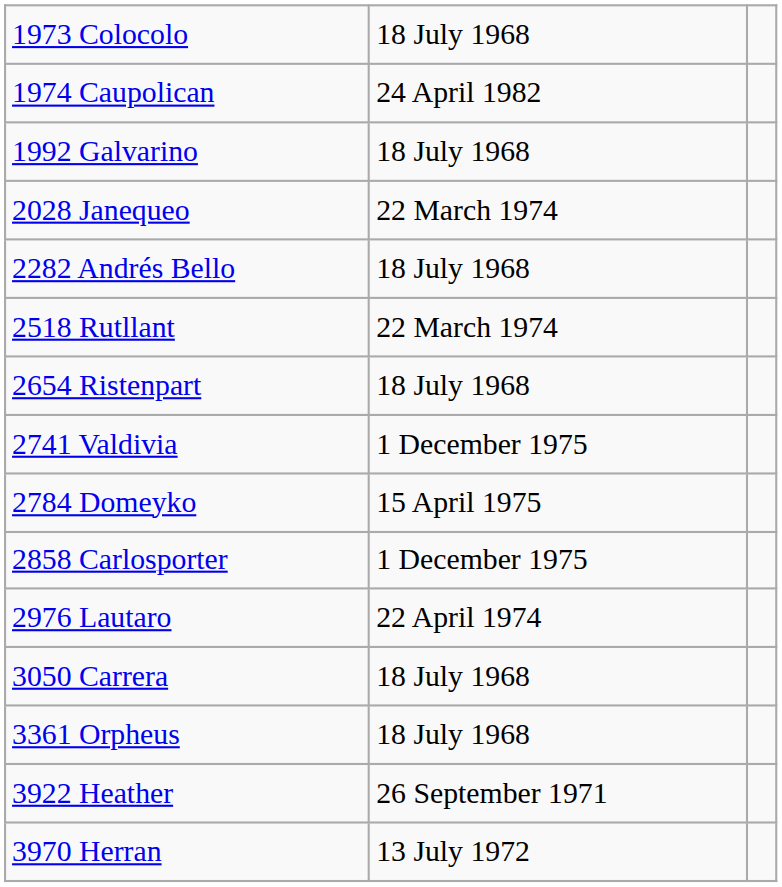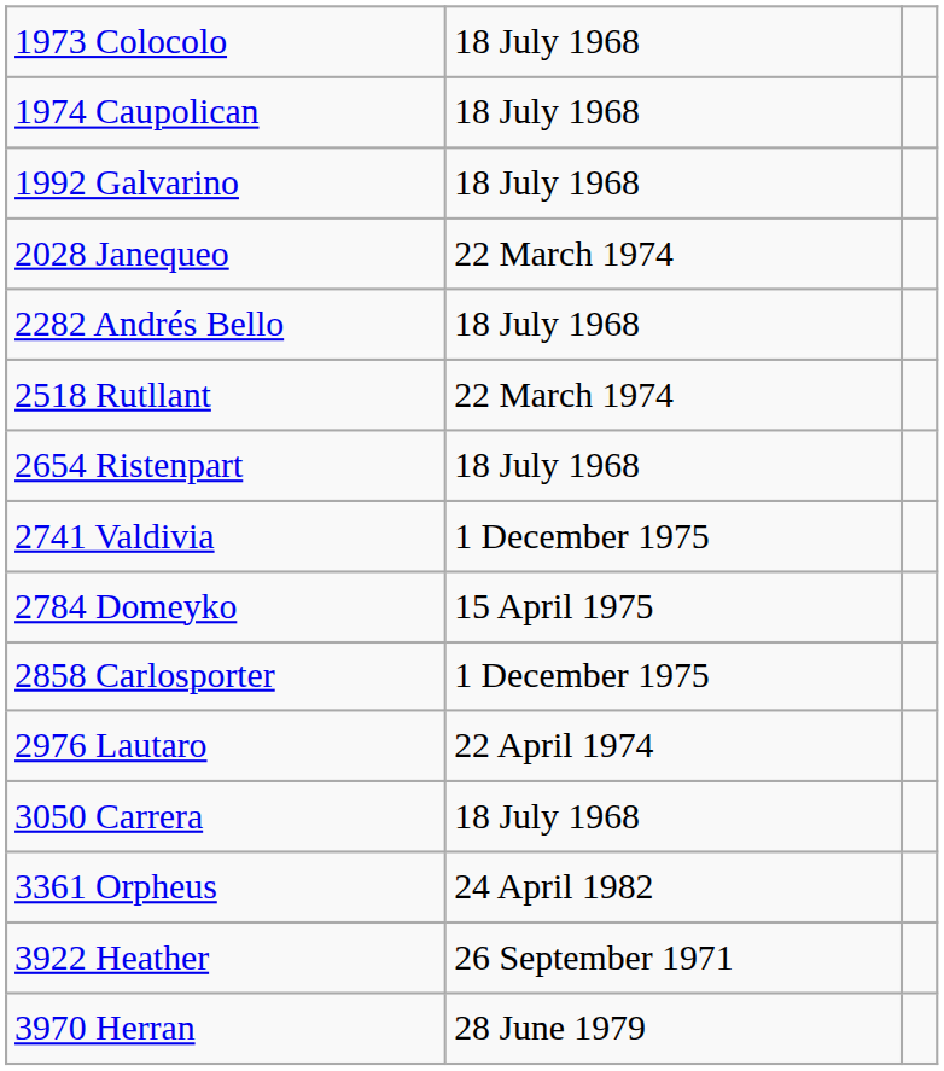 <table class="wikitable" style="font-size: 89%; float: left; width: 26em; margin-right: 1em; height: 420px;">
 <tr>
 <td><a href='#'>1973 Colocolo</a></td>
 <td>18 July 1968</td>
 <td> </td>
 </tr>
 <tr>
 <td><a href='#'>1974 Caupolican</a></td>
-<td>24 April 1982</td>
+<td>18 July 1968</td>
 <td> </td>
 </tr>
 <tr>
 <td><a href='#'>1992 Galvarino</a></td>
 <td>18 July 1968</td>
 <td> </td>
 </tr>
 <tr>
 <td><a href='#'>2028 Janequeo</a></td>
 <td>22 March 1974</td>
 <td> </td>
 </tr>
 <tr>
 <td><a href='#'>2282 Andrés Bello</a></td>
 <td>18 July 1968</td>
 <td></td>
 </tr>
 <tr>
 <td><a href='#'>2518 Rutllant</a></td>
 <td>22 March 1974</td>
 <td></td>
 </tr>
 <tr>
 <td><a href='#'>2654 Ristenpart</a></td>
 <td>18 July 1968</td>
 <td> </td>
 </tr>
 <tr>
 <td><a href='#'>2741 Valdivia</a></td>
 <td>1 December 1975</td>
 <td> </td>
 </tr>
 <tr>
 <td><a href='#'>2784 Domeyko</a></td>
 <td>15 April 1975</td>
 <td></td>
 </tr>
 <tr>
 <td><a href='#'>2858 Carlosporter</a></td>
 <td>1 December 1975</td>
 <td> </td>
 </tr>
 <tr>
 <td><a href='#'>2976 Lautaro</a></td>
 <td>22 April 1974</td>
 <td></td>
 </tr>
 <tr>
 <td><a href='#'>3050 Carrera</a></td>
 <td>18 July 1968</td>
 <td></td>
 </tr>
 <tr>
 <td><a href='#'>3361 Orpheus</a></td>
-<td>18 July 1968</td>
+<td>24 April 1982</td>
 <td></td>
 </tr>
 <tr>
 <td><a href='#'>3922 Heather</a></td>
 <td>26 September 1971</td>
 <td></td>
 </tr>
 <tr>
 <td><a href='#'>3970 Herran</a></td>
-<td>13 July 1972</td>
+<td>28 June 1979</td>
 <td></td>
 </tr>
 </table>
